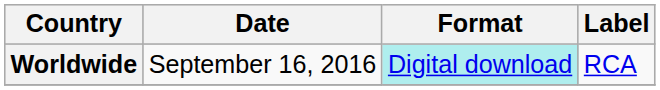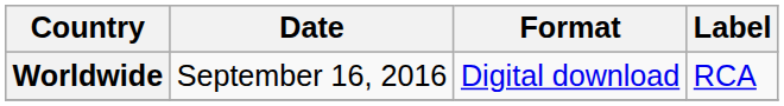 <table class="wikitable plainrowheaders">
 <tr>
 <th scope="col">Country</th>
 <th scope="col">Date</th>
 <th scope="col">Format</th>
 <th scope="col">Label</th>
 </tr>
 <tr>
 <th scope="row">Worldwide</th>
 <td>September 16, 2016</td>
-<td style="background: paleturquoise;"><a href='#'>Digital download</a></td>
+<td><a href='#'>Digital download</a></td>
 <td><a href='#'>RCA</a></td>
 </tr>
 <tr>
 </tr>
 </table>
